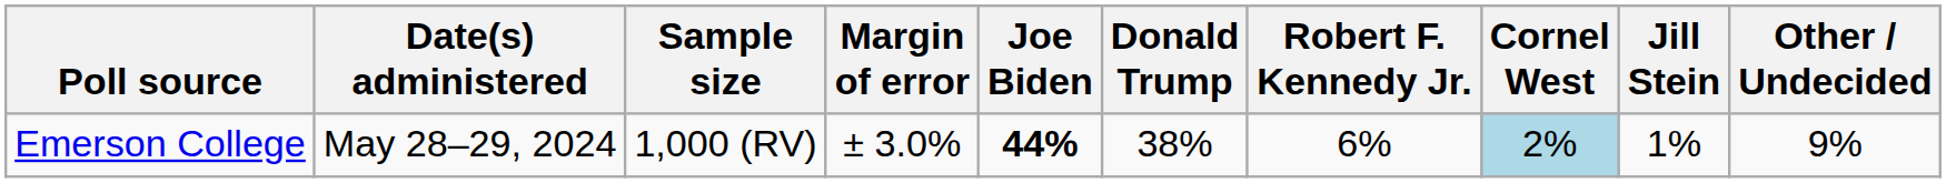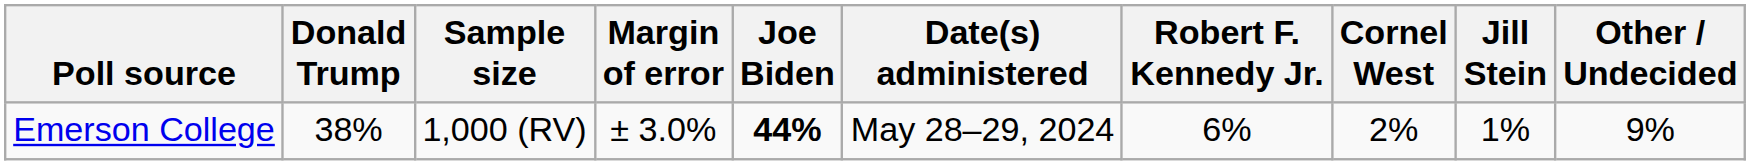 <table class="wikitable sortable mw-datatable" style="font-size:90%;text-align:center;line-height:17px">
 <tr valign=bottom>
 <th>Poll source</th>
-<th>Date(s)<br>administered</th>
+<th class="unsortable">Donald<br>Trump<br></th>
 <th>Sample<br>size</th>
 <th>Margin<br>of error</th>
 <th class="unsortable">Joe<br>Biden<br></th>
-<th class="unsortable">Donald<br>Trump<br></th>
+<th>Date(s)<br>administered</th>
 <th class="unsortable">Robert F.<br>Kennedy Jr.<br></th>
 <th class="unsortable">Cornel<br>West<br></th>
 <th class="unsortable">Jill<br>Stein<br></th>
 <th class="unsortable">Other /<br>Undecided</th>
 </tr>
 <tr>
 <td style="text-align:left;"><a href='#'>Emerson College</a></td>
-<td data-sort-value="2024-02-20">May 28–29, 2024</td>
+<td>38%</td>
 <td>1,000 (RV)</td>
 <td>± 3.0%</td>
 <td style="color:black;background-color:"><strong>44%</strong></td>
-<td>38%</td>
+<td data-sort-value="2024-02-20">May 28–29, 2024</td>
 <td>6%</td>
-<td style="background: lightblue;">2%</td>
+<td>2%</td>
 <td>1%</td>
 <td>9%</td>
 </tr>
 </table>
